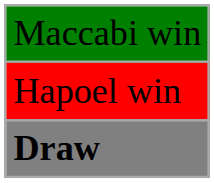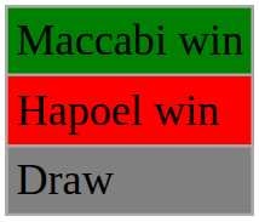 <table class="wikitable unsortable">
 <tr>
 <td bgcolor="#008000">Maccabi win</td>
 </tr>
 <tr>
 <td bgcolor="#ff0000">Hapoel win</td>
 </tr>
 <tr>
-<td bgcolor="#808080"><strong>Draw</strong></td>
+<td bgcolor="#808080">Draw</td>
 </tr>
 </table>
